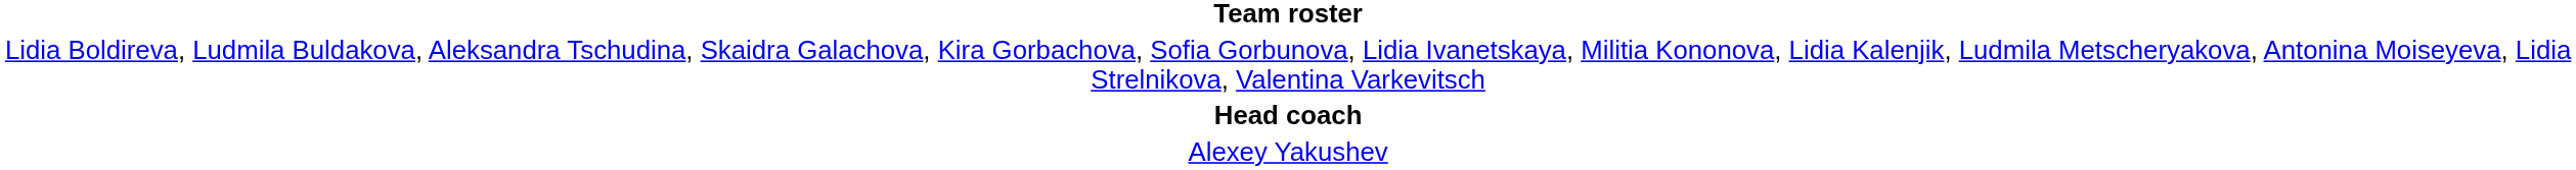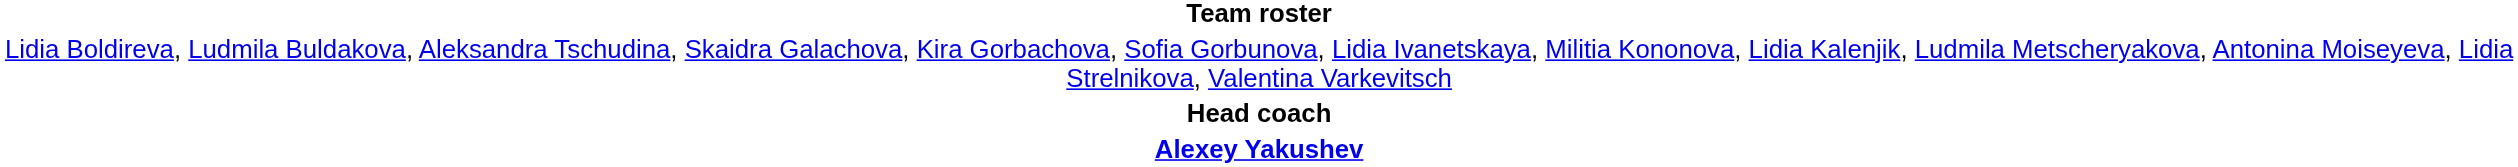 <table style="text-align: center; margin-top: 2em; margin-left: auto; margin-right: auto">
 <tr>
 <td><strong>Team roster</strong></td>
 </tr>
 <tr>
 <td><a href='#'>Lidia Boldireva</a>, <a href='#'>Ludmila Buldakova</a>, <a href='#'>Aleksandra Tschudina</a>, <a href='#'>Skaidra Galachova</a>, <a href='#'>Kira Gorbachova</a>, <a href='#'>Sofia Gorbunova</a>, <a href='#'>Lidia Ivanetskaya</a>, <a href='#'>Militia Kononova</a>, <a href='#'>Lidia Kalenjik</a>, <a href='#'>Ludmila Metscheryakova</a>, <a href='#'>Antonina Moiseyeva</a>, <a href='#'>Lidia Strelnikova</a>, <a href='#'>Valentina Varkevitsch</a></td>
 </tr>
 <tr>
 <td><strong>Head coach</strong></td>
 </tr>
 <tr>
-<td><a href='#'>Alexey Yakushev</a></td>
+<td><strong><a href='#'>Alexey Yakushev</a></strong></td>
 </tr>
 <tr>
 </tr>
 </table>
